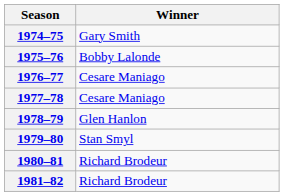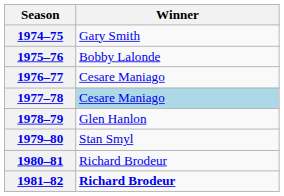 <table class="wikitable">
 <tr>
 <th scope="col" style="width:5em">Season</th>
 <th scope="col" style="width:15em">Winner</th>
 </tr>
 <tr>
 <th scope="row"><a href='#'>1974–75</a></th>
 <td><a href='#'>Gary Smith</a></td>
 </tr>
 <tr>
 <th scope="row"><a href='#'>1975–76</a></th>
 <td><a href='#'>Bobby Lalonde</a></td>
 </tr>
 <tr>
 <th scope="row"><a href='#'>1976–77</a></th>
 <td><a href='#'>Cesare Maniago</a></td>
 </tr>
 <tr>
 <th scope="row"><a href='#'>1977–78</a></th>
-<td><a href='#'>Cesare Maniago</a></td>
+<td style="background: lightblue;"><a href='#'>Cesare Maniago</a></td>
 </tr>
 <tr>
 <th scope="row"><a href='#'>1978–79</a></th>
 <td><a href='#'>Glen Hanlon</a></td>
 </tr>
 <tr>
 <th scope="row"><a href='#'>1979–80</a></th>
 <td><a href='#'>Stan Smyl</a></td>
 </tr>
 <tr>
 <th scope="row"><a href='#'>1980–81</a></th>
 <td><a href='#'>Richard Brodeur</a></td>
 </tr>
 <tr>
 <th scope="row"><a href='#'>1981–82</a></th>
-<td><a href='#'>Richard Brodeur</a></td>
+<td><strong><a href='#'>Richard Brodeur</a></strong></td>
 </tr>
 </table>
